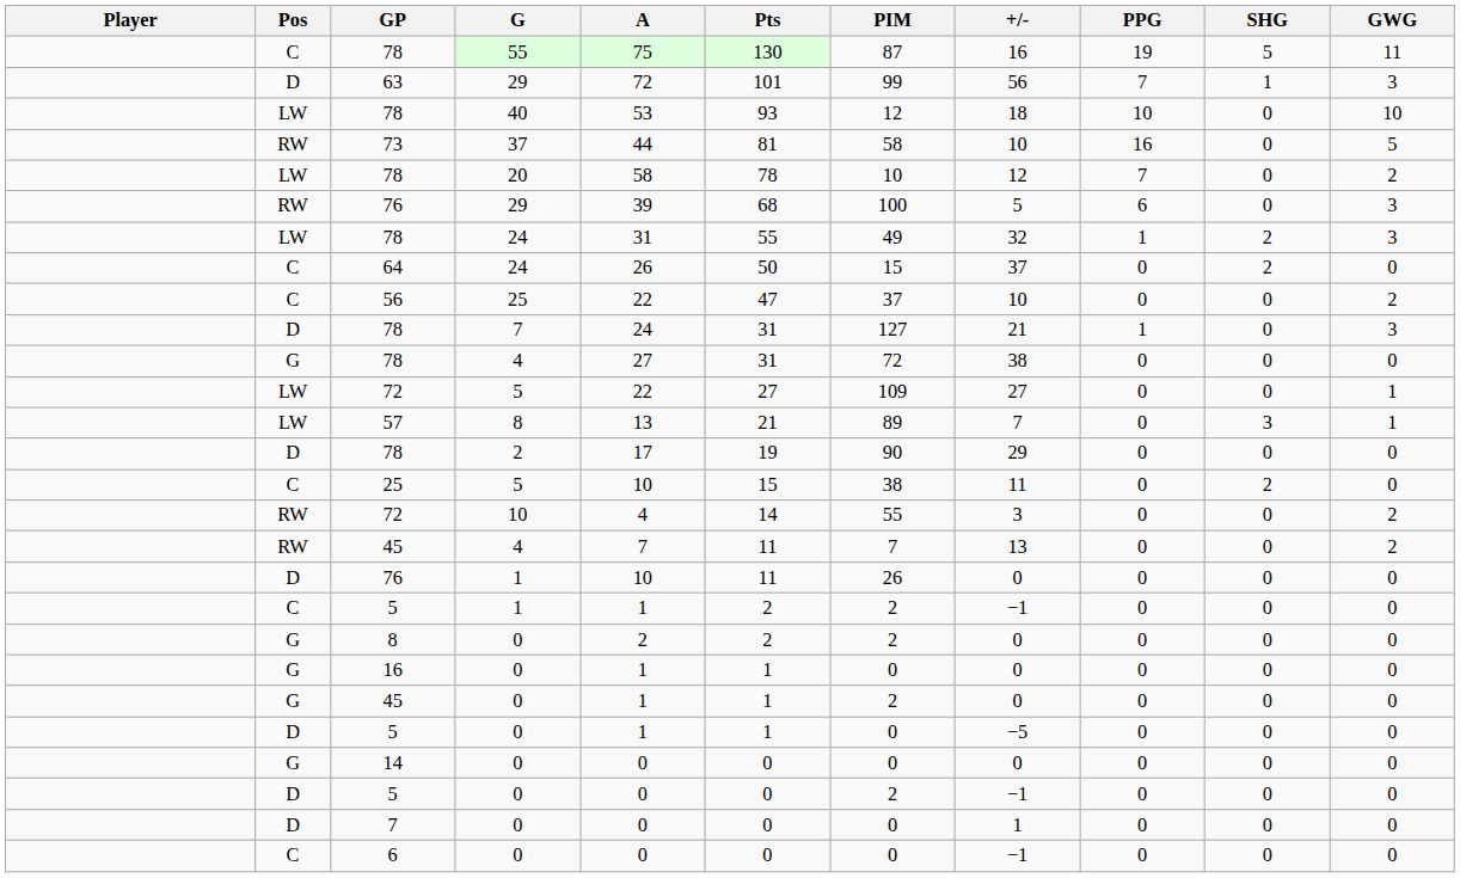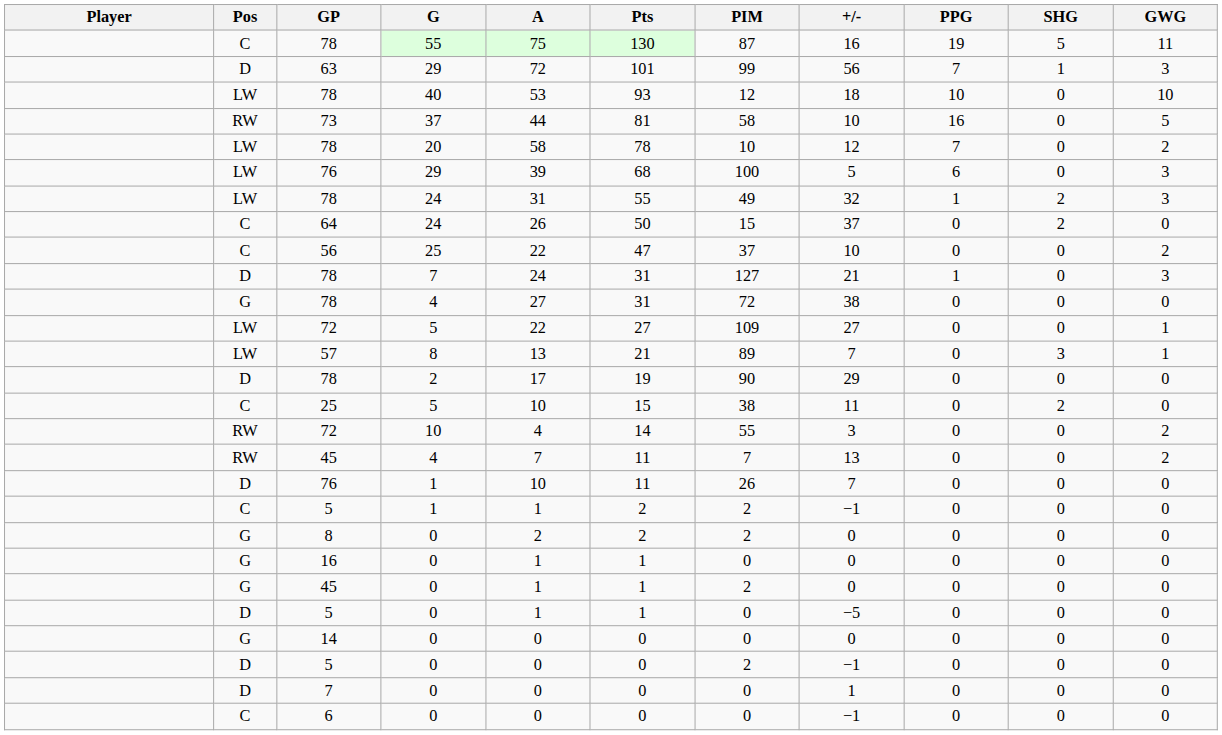 <table class="wikitable sortable" width="60%">
 <tr ALIGN="center">
 <th bgcolor="#DDDDFF" width="10%">Player</th>
 <th bgcolor="#DDDDFF" width="3%" title="Position">Pos</th>
 <th bgcolor="#DDDDFF" width="5%" title="Games played">GP</th>
 <th bgcolor="#DDDDFF" width="5%" title="Goals">G</th>
 <th bgcolor="#DDDDFF" width="5%" title="Assists">A</th>
 <th bgcolor="#DDDDFF" width="5%" title="Points">Pts</th>
 <th bgcolor="#DDDDFF" width="5%" title="Penalties in Minutes">PIM</th>
 <th bgcolor="#DDDDFF" width="5%" title="Plus/minus">+/-</th>
 <th bgcolor="#DDDDFF" width="5%" title="Power play goals">PPG</th>
 <th bgcolor="#DDDDFF" width="5%" title="Short-handed goals">SHG</th>
 <th bgcolor="#DDDDFF" width="5%" title="Game-winning goals">GWG</th>
 </tr>
 <tr align="center">
 <td align="right"></td>
 <td>C</td>
 <td>78</td>
 <td style="background:#DDFFDD;">55</td>
 <td style="background:#DDFFDD;">75</td>
 <td style="background:#DDFFDD;">130</td>
 <td>87</td>
 <td>16</td>
 <td>19</td>
 <td>5</td>
 <td>11</td>
 </tr>
 <tr align="center">
 <td align="right"></td>
 <td>D</td>
 <td>63</td>
 <td>29</td>
 <td>72</td>
 <td>101</td>
 <td>99</td>
 <td>56</td>
 <td>7</td>
 <td>1</td>
 <td>3</td>
 </tr>
 <tr align="center">
 <td align="right"></td>
 <td>LW</td>
 <td>78</td>
 <td>40</td>
 <td>53</td>
 <td>93</td>
 <td>12</td>
 <td>18</td>
 <td>10</td>
 <td>0</td>
 <td>10</td>
 </tr>
 <tr align="center">
 <td align="right"></td>
 <td>RW</td>
 <td>73</td>
 <td>37</td>
 <td>44</td>
 <td>81</td>
 <td>58</td>
 <td>10</td>
 <td>16</td>
 <td>0</td>
 <td>5</td>
 </tr>
 <tr align="center">
 <td align="right"></td>
 <td>LW</td>
 <td>78</td>
 <td>20</td>
 <td>58</td>
 <td>78</td>
 <td>10</td>
 <td>12</td>
 <td>7</td>
 <td>0</td>
 <td>2</td>
 </tr>
 <tr align="center">
 <td align="right"></td>
-<td>RW</td>
+<td>LW</td>
 <td>76</td>
 <td>29</td>
 <td>39</td>
 <td>68</td>
 <td>100</td>
 <td>5</td>
 <td>6</td>
 <td>0</td>
 <td>3</td>
 </tr>
 <tr align="center">
 <td align="right"></td>
 <td>LW</td>
 <td>78</td>
 <td>24</td>
 <td>31</td>
 <td>55</td>
 <td>49</td>
 <td>32</td>
 <td>1</td>
 <td>2</td>
 <td>3</td>
 </tr>
 <tr align="center">
 <td align="right"></td>
 <td>C</td>
 <td>64</td>
 <td>24</td>
 <td>26</td>
 <td>50</td>
 <td>15</td>
 <td>37</td>
 <td>0</td>
 <td>2</td>
 <td>0</td>
 </tr>
 <tr align="center">
 <td align="right"></td>
 <td>C</td>
 <td>56</td>
 <td>25</td>
 <td>22</td>
 <td>47</td>
 <td>37</td>
 <td>10</td>
 <td>0</td>
 <td>0</td>
 <td>2</td>
 </tr>
 <tr align="center">
 <td align="right"></td>
 <td>D</td>
 <td>78</td>
 <td>7</td>
 <td>24</td>
 <td>31</td>
 <td>127</td>
 <td>21</td>
 <td>1</td>
 <td>0</td>
 <td>3</td>
 </tr>
 <tr align="center">
 <td align="right"></td>
 <td>G</td>
 <td>78</td>
 <td>4</td>
 <td>27</td>
 <td>31</td>
 <td>72</td>
 <td>38</td>
 <td>0</td>
 <td>0</td>
 <td>0</td>
 </tr>
 <tr align="center">
 <td align="right"></td>
 <td>LW</td>
 <td>72</td>
 <td>5</td>
 <td>22</td>
 <td>27</td>
 <td>109</td>
 <td>27</td>
 <td>0</td>
 <td>0</td>
 <td>1</td>
 </tr>
 <tr align="center">
 <td align="right"></td>
 <td>LW</td>
 <td>57</td>
 <td>8</td>
 <td>13</td>
 <td>21</td>
 <td>89</td>
 <td>7</td>
 <td>0</td>
 <td>3</td>
 <td>1</td>
 </tr>
 <tr align="center">
 <td align="right"></td>
 <td>D</td>
 <td>78</td>
 <td>2</td>
 <td>17</td>
 <td>19</td>
 <td>90</td>
 <td>29</td>
 <td>0</td>
 <td>0</td>
 <td>0</td>
 </tr>
 <tr align="center">
 <td align="right"></td>
 <td>C</td>
 <td>25</td>
 <td>5</td>
 <td>10</td>
 <td>15</td>
 <td>38</td>
 <td>11</td>
 <td>0</td>
 <td>2</td>
 <td>0</td>
 </tr>
 <tr align="center">
 <td align="right"></td>
 <td>RW</td>
 <td>72</td>
 <td>10</td>
 <td>4</td>
 <td>14</td>
 <td>55</td>
 <td>3</td>
 <td>0</td>
 <td>0</td>
 <td>2</td>
 </tr>
 <tr align="center">
 <td align="right"></td>
 <td>RW</td>
 <td>45</td>
 <td>4</td>
 <td>7</td>
 <td>11</td>
 <td>7</td>
 <td>13</td>
 <td>0</td>
 <td>0</td>
 <td>2</td>
 </tr>
 <tr align="center">
 <td align="right"></td>
 <td>D</td>
 <td>76</td>
 <td>1</td>
 <td>10</td>
 <td>11</td>
 <td>26</td>
-<td>0</td>
+<td>7</td>
 <td>0</td>
 <td>0</td>
 <td>0</td>
 </tr>
 <tr align="center">
 <td align="right"></td>
 <td>C</td>
 <td>5</td>
 <td>1</td>
 <td>1</td>
 <td>2</td>
 <td>2</td>
 <td>−1</td>
 <td>0</td>
 <td>0</td>
 <td>0</td>
 </tr>
 <tr align="center">
 <td align="right"></td>
 <td>G</td>
 <td>8</td>
 <td>0</td>
 <td>2</td>
 <td>2</td>
 <td>2</td>
 <td>0</td>
 <td>0</td>
 <td>0</td>
 <td>0</td>
 </tr>
 <tr align="center">
 <td align="right"></td>
 <td>G</td>
 <td>16</td>
 <td>0</td>
 <td>1</td>
 <td>1</td>
 <td>0</td>
 <td>0</td>
 <td>0</td>
 <td>0</td>
 <td>0</td>
 </tr>
 <tr align="center">
 <td align="right"></td>
 <td>G</td>
 <td>45</td>
 <td>0</td>
 <td>1</td>
 <td>1</td>
 <td>2</td>
 <td>0</td>
 <td>0</td>
 <td>0</td>
 <td>0</td>
 </tr>
 <tr align="center">
 <td align="right"></td>
 <td>D</td>
 <td>5</td>
 <td>0</td>
 <td>1</td>
 <td>1</td>
 <td>0</td>
 <td>−5</td>
 <td>0</td>
 <td>0</td>
 <td>0</td>
 </tr>
 <tr align="center">
 <td align="right"></td>
 <td>G</td>
 <td>14</td>
 <td>0</td>
 <td>0</td>
 <td>0</td>
 <td>0</td>
 <td>0</td>
 <td>0</td>
 <td>0</td>
 <td>0</td>
 </tr>
 <tr align="center">
 <td align="right"></td>
 <td>D</td>
 <td>5</td>
 <td>0</td>
 <td>0</td>
 <td>0</td>
 <td>2</td>
 <td>−1</td>
 <td>0</td>
 <td>0</td>
 <td>0</td>
 </tr>
 <tr align="center">
 <td align="right"></td>
 <td>D</td>
 <td>7</td>
 <td>0</td>
 <td>0</td>
 <td>0</td>
 <td>0</td>
 <td>1</td>
 <td>0</td>
 <td>0</td>
 <td>0</td>
 </tr>
 <tr align="center">
 <td align="right"></td>
 <td>C</td>
 <td>6</td>
 <td>0</td>
 <td>0</td>
 <td>0</td>
 <td>0</td>
 <td>−1</td>
 <td>0</td>
 <td>0</td>
 <td>0</td>
 </tr>
 </table>
